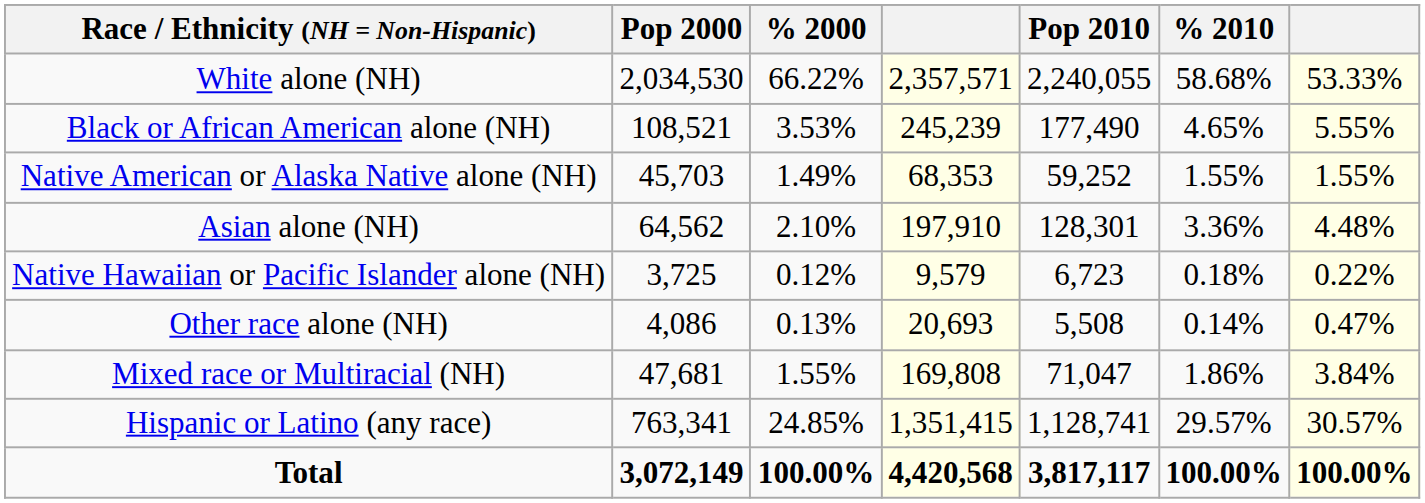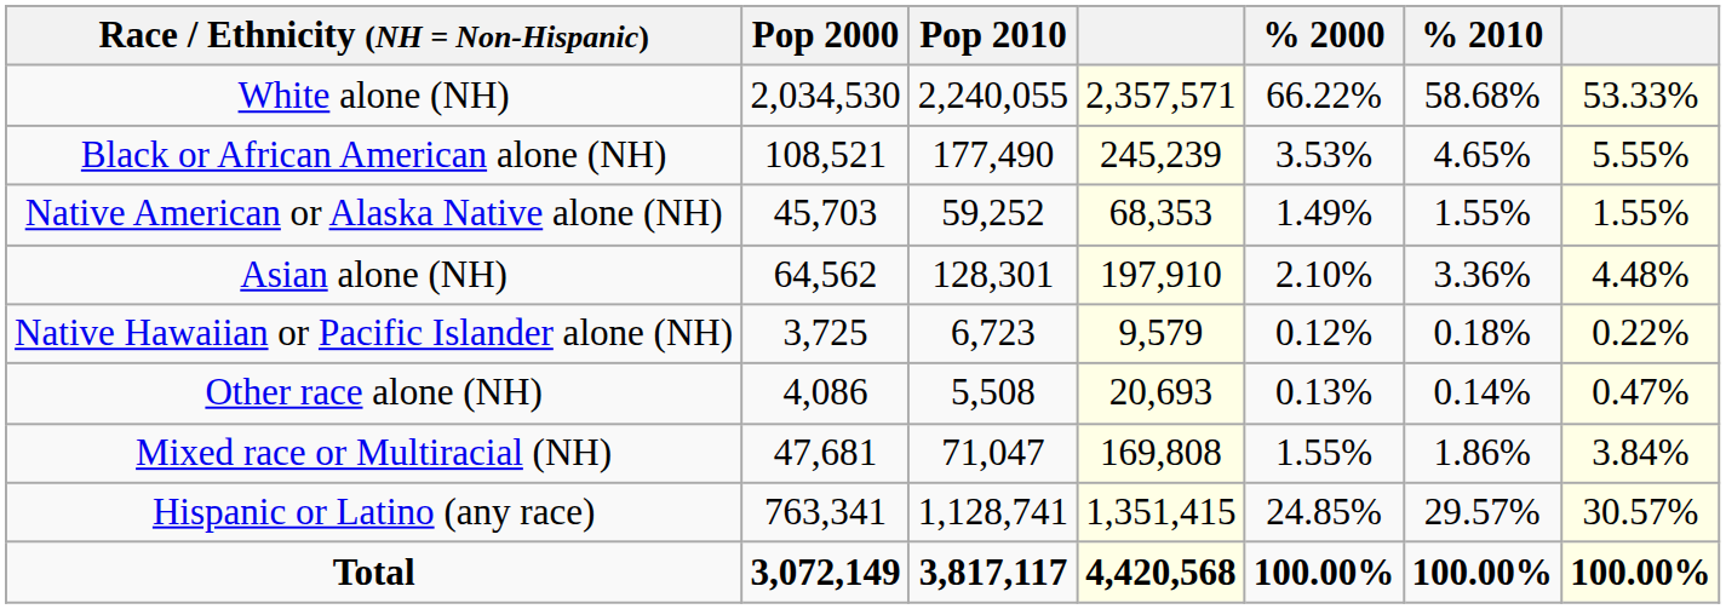 <table class="wikitable" style="text-align:center;">
 <tr>
 <th>Race / Ethnicity <small>(<em>NH = Non-Hispanic</em>)</small></th>
 <th>Pop 2000</th>
+<th>Pop 2010</th>
+<th></th>
 <th>% 2000</th>
-<th></th>
-<th>Pop 2010</th>
 <th>% 2010</th>
 <th></th>
 </tr>
 <tr>
 <td><a href='#'>White</a> alone (NH)</td>
 <td>2,034,530</td>
+<td>2,240,055</td>
+<td style='background: #ffffe6;'>2,357,571</td>
 <td>66.22%</td>
-<td style='background: #ffffe6;'>2,357,571</td>
-<td>2,240,055</td>
 <td>58.68%</td>
 <td style='background: #ffffe6;'>53.33%</td>
 </tr>
 <tr>
 <td><a href='#'>Black or African American</a> alone (NH)</td>
 <td>108,521</td>
+<td>177,490</td>
+<td style='background: #ffffe6;'>245,239</td>
 <td>3.53%</td>
-<td style='background: #ffffe6;'>245,239</td>
-<td>177,490</td>
 <td>4.65%</td>
 <td style='background: #ffffe6;'>5.55%</td>
 </tr>
 <tr>
 <td><a href='#'>Native American</a> or <a href='#'>Alaska Native</a> alone (NH)</td>
 <td>45,703</td>
+<td>59,252</td>
+<td style='background: #ffffe6;'>68,353</td>
 <td>1.49%</td>
-<td style='background: #ffffe6;'>68,353</td>
-<td>59,252</td>
 <td>1.55%</td>
 <td style='background: #ffffe6;'>1.55%</td>
 </tr>
 <tr>
 <td><a href='#'>Asian</a> alone (NH)</td>
 <td>64,562</td>
+<td>128,301</td>
+<td style='background: #ffffe6;'>197,910</td>
 <td>2.10%</td>
-<td style='background: #ffffe6;'>197,910</td>
-<td>128,301</td>
 <td>3.36%</td>
 <td style='background: #ffffe6;'>4.48%</td>
 </tr>
 <tr>
 <td><a href='#'>Native Hawaiian</a> or <a href='#'>Pacific Islander</a> alone (NH)</td>
 <td>3,725</td>
+<td>6,723</td>
+<td style='background: #ffffe6;'>9,579</td>
 <td>0.12%</td>
-<td style='background: #ffffe6;'>9,579</td>
-<td>6,723</td>
 <td>0.18%</td>
 <td style='background: #ffffe6;'>0.22%</td>
 </tr>
 <tr>
 <td><a href='#'>Other race</a> alone (NH)</td>
 <td>4,086</td>
+<td>5,508</td>
+<td style='background: #ffffe6;'>20,693</td>
 <td>0.13%</td>
-<td style='background: #ffffe6;'>20,693</td>
-<td>5,508</td>
 <td>0.14%</td>
 <td style='background: #ffffe6;'>0.47%</td>
 </tr>
 <tr>
 <td><a href='#'>Mixed race or Multiracial</a> (NH)</td>
 <td>47,681</td>
+<td>71,047</td>
+<td style='background: #ffffe6;'>169,808</td>
 <td>1.55%</td>
-<td style='background: #ffffe6;'>169,808</td>
-<td>71,047</td>
 <td>1.86%</td>
 <td style='background: #ffffe6;'>3.84%</td>
 </tr>
 <tr>
 <td><a href='#'>Hispanic or Latino</a> (any race)</td>
 <td>763,341</td>
+<td>1,128,741</td>
+<td style='background: #ffffe6;'>1,351,415</td>
 <td>24.85%</td>
-<td style='background: #ffffe6;'>1,351,415</td>
-<td>1,128,741</td>
 <td>29.57%</td>
 <td style='background: #ffffe6;'>30.57%</td>
 </tr>
 <tr>
 <td><strong>Total</strong></td>
 <td><strong>3,072,149</strong></td>
+<td><strong>3,817,117</strong></td>
+<td style='background: #ffffe6;'><strong>4,420,568</strong></td>
 <td><strong>100.00%</strong></td>
-<td style='background: #ffffe6;'><strong>4,420,568</strong></td>
-<td><strong>3,817,117</strong></td>
 <td><strong>100.00%</strong></td>
 <td style='background: #ffffe6;'><strong>100.00%</strong></td>
 </tr>
 </table>
